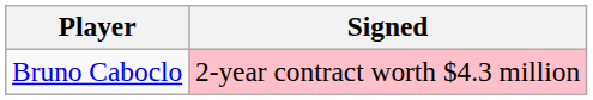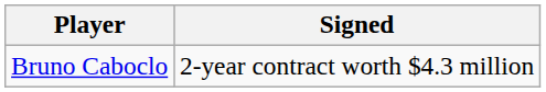 <table class="wikitable sortable sortable" style="text-align: center">
 <tr>
 <th>Player</th>
 <th>Signed</th>
 </tr>
 <tr>
 <td><a href='#'>Bruno Caboclo</a></td>
-<td style="background: pink;">2-year contract worth $4.3 million</td>
+<td>2-year contract worth $4.3 million</td>
 </tr>
 </table>
